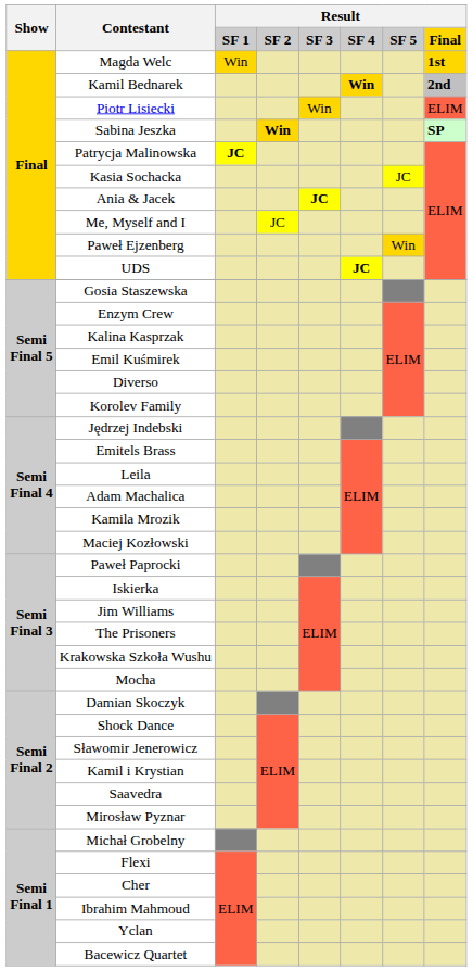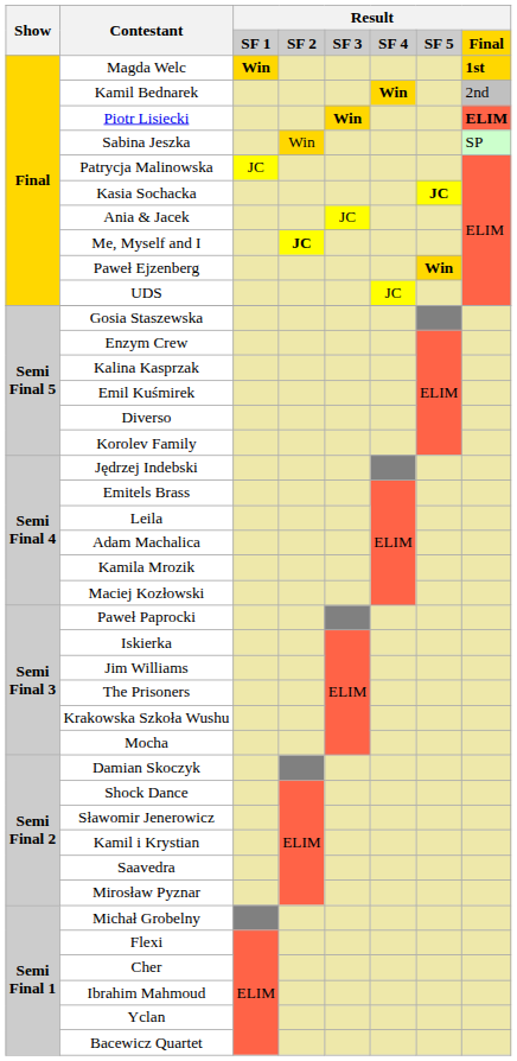 <table class="wikitable" style="margin:0.5em auto">
 <tr>
 <th rowspan=2>Show</th>
 <th rowspan=2>Contestant</th>
 <th colspan=6 align="center">Result</th>
 </tr>
 <tr>
 <td style="text-align:center;background:#CCCCCC"><strong>SF 1</strong></td>
 <td style="text-align:center;background:#CCCCCC"><strong>SF 2</strong></td>
 <td style="text-align:center;background:#CCCCCC"><strong>SF 3</strong></td>
 <td style="text-align:center;background:#CCCCCC"><strong>SF 4</strong></td>
 <td style="text-align:center;background:#CCCCCC"><strong>SF 5</strong></td>
 <td style="text-align:center;background:gold"><strong>Final</strong></td>
 </tr>
 <tr>
 <td style="text-align:center;background:gold" rowspan=10><strong>Final</strong></td>
 <td style="text-align:center;background:white">Magda Welc</td>
-<td style="text-align:center;background:gold">Win</td>
+<td style="text-align:center;background:gold"><strong>Win</strong></td>
 <td bgcolor="palegoldenrod"></td>
 <td bgcolor="palegoldenrod"></td>
 <td bgcolor="palegoldenrod"></td>
 <td bgcolor="palegoldenrod"></td>
 <td bgcolor="gold"><strong>1st</strong></td>
 </tr>
 <tr>
 <td style="text-align:center;background:white">Kamil Bednarek</td>
 <td bgcolor="palegoldenrod"></td>
 <td bgcolor="palegoldenrod"></td>
 <td bgcolor="palegoldenrod"></td>
 <td style="text-align:center;background:gold"><strong>Win</strong></td>
 <td bgcolor="palegoldenrod"></td>
-<td bgcolor="silver"><strong>2nd</strong></td>
+<td bgcolor="silver">2nd</td>
 </tr>
 <tr>
 <td style="text-align:center;background:white"><a href='#'>Piotr Lisiecki</a></td>
 <td bgcolor="palegoldenrod"></td>
 <td bgcolor="palegoldenrod"></td>
-<td style="text-align:center;background:gold">Win</td>
+<td style="text-align:center;background:gold"><strong>Win</strong></td>
 <td bgcolor="palegoldenrod"></td>
 <td bgcolor="palegoldenrod"></td>
-<td bgcolor="tomato">ELIM</td>
+<td bgcolor="tomato"><strong>ELIM</strong></td>
 </tr>
 <tr>
 <td style="text-align:center;background:white">Sabina Jeszka</td>
 <td bgcolor="palegoldenrod"></td>
-<td style="text-align:center;background:gold"><strong>Win</strong></td>
+<td style="text-align:center;background:gold">Win</td>
 <td bgcolor="palegoldenrod"></td>
 <td bgcolor="palegoldenrod"></td>
 <td bgcolor="palegoldenrod"></td>
-<td bgcolor="#CFC"><strong>SP</strong></td>
+<td bgcolor="#CFC">SP</td>
 </tr>
 <tr>
 <td style="text-align:center;background:white">Patrycja Malinowska</td>
-<td style="text-align:center;background:yellow"><strong>JC</strong></td>
+<td style="text-align:center;background:yellow">JC</td>
 <td bgcolor="palegoldenrod"></td>
 <td bgcolor="palegoldenrod"></td>
 <td bgcolor="palegoldenrod"></td>
 <td bgcolor="palegoldenrod"></td>
 <td bgcolor="tomato" rowspan=6>ELIM</td>
 </tr>
 <tr>
 <td style="text-align:center;background:white">Kasia Sochacka</td>
 <td bgcolor="palegoldenrod"></td>
 <td bgcolor="palegoldenrod"></td>
 <td bgcolor="palegoldenrod"></td>
 <td bgcolor="palegoldenrod"></td>
-<td style="text-align:center;background:yellow">JC</td>
+<td style="text-align:center;background:yellow"><strong>JC</strong></td>
 </tr>
 <tr>
 <td style="text-align:center;background:white">Ania & Jacek</td>
 <td bgcolor="palegoldenrod"></td>
 <td bgcolor="palegoldenrod"></td>
-<td style="text-align:center;background:yellow"><strong>JC</strong></td>
+<td style="text-align:center;background:yellow">JC</td>
 <td bgcolor="palegoldenrod"></td>
 <td bgcolor="palegoldenrod"></td>
 </tr>
 <tr>
 <td style="text-align:center;background:white">Me, Myself and I</td>
 <td bgcolor="palegoldenrod"></td>
-<td style="text-align:center;background:yellow">JC</td>
+<td style="text-align:center;background:yellow"><strong>JC</strong></td>
 <td bgcolor="palegoldenrod"></td>
 <td bgcolor="palegoldenrod"></td>
 <td bgcolor="palegoldenrod"></td>
 </tr>
 <tr>
 <td style="text-align:center;background:white">Paweł Ejzenberg</td>
 <td bgcolor="palegoldenrod"></td>
 <td bgcolor="palegoldenrod"></td>
 <td bgcolor="palegoldenrod"></td>
 <td bgcolor="palegoldenrod"></td>
-<td style="text-align:center;background:gold">Win</td>
+<td style="text-align:center;background:gold"><strong>Win</strong></td>
 </tr>
 <tr>
 <td style="text-align:center;background:white">UDS</td>
 <td bgcolor="palegoldenrod"></td>
 <td bgcolor="palegoldenrod"></td>
 <td bgcolor="palegoldenrod"></td>
-<td style="text-align:center;background:yellow"><strong>JC</strong></td>
+<td style="text-align:center;background:yellow">JC</td>
 <td bgcolor="palegoldenrod"></td>
 </tr>
 <tr>
 <td style="text-align:center;background:#CCCCCC" rowspan=7><strong>Semi<br>Final 5</strong></td>
 </tr>
 <tr>
 <td style="text-align:center;background:white">Gosia Staszewska</td>
 <td bgcolor="palegoldenrod"></td>
 <td bgcolor="palegoldenrod"></td>
 <td bgcolor="palegoldenrod"></td>
 <td bgcolor="palegoldenrod"></td>
 <td style="background:grey;color:white;"></td>
 <td bgcolor="palegoldenrod"></td>
 </tr>
 <tr>
 <td style="text-align:center;background:white">Enzym Crew</td>
 <td bgcolor="palegoldenrod"></td>
 <td bgcolor="palegoldenrod"></td>
 <td bgcolor="palegoldenrod"></td>
 <td bgcolor="palegoldenrod"></td>
 <td bgcolor="tomato" rowspan=5>ELIM</td>
 <td bgcolor="palegoldenrod"></td>
 </tr>
 <tr>
 <td style="text-align:center;background:white">Kalina Kasprzak</td>
 <td bgcolor="palegoldenrod"></td>
 <td bgcolor="palegoldenrod"></td>
 <td bgcolor="palegoldenrod"></td>
 <td bgcolor="palegoldenrod"></td>
 <td bgcolor="palegoldenrod"></td>
 </tr>
 <tr>
 <td style="text-align:center;background:white">Emil Kuśmirek</td>
 <td bgcolor="palegoldenrod"></td>
 <td bgcolor="palegoldenrod"></td>
 <td bgcolor="palegoldenrod"></td>
 <td bgcolor="palegoldenrod"></td>
 <td bgcolor="palegoldenrod"></td>
 </tr>
 <tr>
 <td style="text-align:center;background:white">Diverso</td>
 <td bgcolor="palegoldenrod"></td>
 <td bgcolor="palegoldenrod"></td>
 <td bgcolor="palegoldenrod"></td>
 <td bgcolor="palegoldenrod"></td>
 <td bgcolor="palegoldenrod"></td>
 </tr>
 <tr>
 <td style="text-align:center;background:white">Korolev Family</td>
 <td bgcolor="palegoldenrod"></td>
 <td bgcolor="palegoldenrod"></td>
 <td bgcolor="palegoldenrod"></td>
 <td bgcolor="palegoldenrod"></td>
 <td bgcolor="palegoldenrod"></td>
 </tr>
 <tr>
 <td style="text-align:center;background:#CCCCCC" rowspan=6><strong>Semi<br>Final 4</strong></td>
 <td style="text-align:center;background:white">Jędrzej Indebski</td>
 <td bgcolor="palegoldenrod"></td>
 <td bgcolor="palegoldenrod"></td>
 <td bgcolor="palegoldenrod"></td>
 <td style="background:grey;color:white;"></td>
 <td bgcolor="palegoldenrod"></td>
 <td bgcolor="palegoldenrod"></td>
 </tr>
 <tr>
 <td style="text-align:center;background:white">Emitels Brass</td>
 <td bgcolor="palegoldenrod"></td>
 <td bgcolor="palegoldenrod"></td>
 <td bgcolor="palegoldenrod"></td>
 <td bgcolor="tomato" rowspan=5>ELIM</td>
 <td bgcolor="palegoldenrod"></td>
 <td bgcolor="palegoldenrod"></td>
 </tr>
 <tr>
 <td style="text-align:center;background:white">Leila</td>
 <td bgcolor="palegoldenrod"></td>
 <td bgcolor="palegoldenrod"></td>
 <td bgcolor="palegoldenrod"></td>
 <td bgcolor="palegoldenrod"></td>
 <td bgcolor="palegoldenrod"></td>
 </tr>
 <tr>
 <td style="text-align:center;background:white">Adam Machalica</td>
 <td bgcolor="palegoldenrod"></td>
 <td bgcolor="palegoldenrod"></td>
 <td bgcolor="palegoldenrod"></td>
 <td bgcolor="palegoldenrod"></td>
 <td bgcolor="palegoldenrod"></td>
 </tr>
 <tr>
 <td style="text-align:center;background:white">Kamila Mrozik</td>
 <td bgcolor="palegoldenrod"></td>
 <td bgcolor="palegoldenrod"></td>
 <td bgcolor="palegoldenrod"></td>
 <td bgcolor="palegoldenrod"></td>
 <td bgcolor="palegoldenrod"></td>
 </tr>
 <tr>
 <td style="text-align:center;background:white">Maciej Kozłowski</td>
 <td bgcolor="palegoldenrod"></td>
 <td bgcolor="palegoldenrod"></td>
 <td bgcolor="palegoldenrod"></td>
 <td bgcolor="palegoldenrod"></td>
 <td bgcolor="palegoldenrod"></td>
 </tr>
 <tr>
 <td style="text-align:center;background:#CCCCCC" rowspan=6><strong>Semi<br>Final 3</strong></td>
 <td style="text-align:center;background:white">Paweł Paprocki</td>
 <td bgcolor="palegoldenrod"></td>
 <td bgcolor="palegoldenrod"></td>
 <td style="background:grey;color:white;"></td>
 <td bgcolor="palegoldenrod"></td>
 <td bgcolor="palegoldenrod"></td>
 <td bgcolor="palegoldenrod"></td>
 </tr>
 <tr>
 <td style="text-align:center;background:white">Iskierka</td>
 <td bgcolor="palegoldenrod"></td>
 <td bgcolor="palegoldenrod"></td>
 <td bgcolor="tomato" rowspan=5>ELIM</td>
 <td bgcolor="palegoldenrod"></td>
 <td bgcolor="palegoldenrod"></td>
 <td bgcolor="palegoldenrod"></td>
 </tr>
 <tr>
 <td style="text-align:center;background:white">Jim Williams</td>
 <td bgcolor="palegoldenrod"></td>
 <td bgcolor="palegoldenrod"></td>
 <td bgcolor="palegoldenrod"></td>
 <td bgcolor="palegoldenrod"></td>
 <td bgcolor="palegoldenrod"></td>
 </tr>
 <tr>
 <td style="text-align:center;background:white">The Prisoners</td>
 <td bgcolor="palegoldenrod"></td>
 <td bgcolor="palegoldenrod"></td>
 <td bgcolor="palegoldenrod"></td>
 <td bgcolor="palegoldenrod"></td>
 <td bgcolor="palegoldenrod"></td>
 </tr>
 <tr>
 <td style="text-align:center;background:white">Krakowska Szkoła Wushu</td>
 <td bgcolor="palegoldenrod"></td>
 <td bgcolor="palegoldenrod"></td>
 <td bgcolor="palegoldenrod"></td>
 <td bgcolor="palegoldenrod"></td>
 <td bgcolor="palegoldenrod"></td>
 </tr>
 <tr>
 <td style="text-align:center;background:white">Mocha</td>
 <td bgcolor="palegoldenrod"></td>
 <td bgcolor="palegoldenrod"></td>
 <td bgcolor="palegoldenrod"></td>
 <td bgcolor="palegoldenrod"></td>
 <td bgcolor="palegoldenrod"></td>
 </tr>
 <tr>
 <td style="text-align:center;background:#CCCCCC" rowspan=6><strong>Semi<br>Final 2</strong></td>
 <td style="text-align:center;background:white">Damian Skoczyk</td>
 <td bgcolor="palegoldenrod"></td>
 <td style="background:grey;color:white;"></td>
 <td bgcolor="palegoldenrod"></td>
 <td bgcolor="palegoldenrod"></td>
 <td bgcolor="palegoldenrod"></td>
 <td bgcolor="palegoldenrod"></td>
 </tr>
 <tr>
 <td style="text-align:center;background:white">Shock Dance</td>
 <td bgcolor="palegoldenrod"></td>
 <td bgcolor="tomato" rowspan=5>ELIM</td>
 <td bgcolor="palegoldenrod"></td>
 <td bgcolor="palegoldenrod"></td>
 <td bgcolor="palegoldenrod"></td>
 <td bgcolor="palegoldenrod"></td>
 </tr>
 <tr>
 <td style="text-align:center;background:white">Sławomir Jenerowicz</td>
 <td bgcolor="palegoldenrod"></td>
 <td bgcolor="palegoldenrod"></td>
 <td bgcolor="palegoldenrod"></td>
 <td bgcolor="palegoldenrod"></td>
 <td bgcolor="palegoldenrod"></td>
 </tr>
 <tr>
 <td style="text-align:center;background:white">Kamil i Krystian</td>
 <td bgcolor="palegoldenrod"></td>
 <td bgcolor="palegoldenrod"></td>
 <td bgcolor="palegoldenrod"></td>
 <td bgcolor="palegoldenrod"></td>
 <td bgcolor="palegoldenrod"></td>
 </tr>
 <tr>
 <td style="text-align:center;background:white">Saavedra</td>
 <td bgcolor="palegoldenrod"></td>
 <td bgcolor="palegoldenrod"></td>
 <td bgcolor="palegoldenrod"></td>
 <td bgcolor="palegoldenrod"></td>
 <td bgcolor="palegoldenrod"></td>
 </tr>
 <tr>
 <td style="text-align:center;background:white">Mirosław Pyznar</td>
 <td bgcolor="palegoldenrod"></td>
 <td bgcolor="palegoldenrod"></td>
 <td bgcolor="palegoldenrod"></td>
 <td bgcolor="palegoldenrod"></td>
 <td bgcolor="palegoldenrod"></td>
 </tr>
 <tr>
 <td style="text-align:center;background:#CCCCCC" rowspan=6><strong>Semi<br>Final 1</strong></td>
 <td style="text-align:center;background:white">Michał Grobelny</td>
 <td style="background:grey;color:white;"></td>
 <td bgcolor="palegoldenrod"></td>
 <td bgcolor="palegoldenrod"></td>
 <td bgcolor="palegoldenrod"></td>
 <td bgcolor="palegoldenrod"></td>
 <td bgcolor="palegoldenrod"></td>
 </tr>
 <tr>
 <td style="text-align:center;background:white">Flexi</td>
 <td bgcolor="tomato" rowspan=5>ELIM</td>
 <td bgcolor="palegoldenrod"></td>
 <td bgcolor="palegoldenrod"></td>
 <td bgcolor="palegoldenrod"></td>
 <td bgcolor="palegoldenrod"></td>
 <td bgcolor="palegoldenrod"></td>
 </tr>
 <tr>
 <td style="text-align:center;background:white">Cher</td>
 <td bgcolor="palegoldenrod"></td>
 <td bgcolor="palegoldenrod"></td>
 <td bgcolor="palegoldenrod"></td>
 <td bgcolor="palegoldenrod"></td>
 <td bgcolor="palegoldenrod"></td>
 </tr>
 <tr>
 <td style="text-align:center;background:white">Ibrahim Mahmoud</td>
 <td bgcolor="palegoldenrod"></td>
 <td bgcolor="palegoldenrod"></td>
 <td bgcolor="palegoldenrod"></td>
 <td bgcolor="palegoldenrod"></td>
 <td bgcolor="palegoldenrod"></td>
 </tr>
 <tr>
 <td style="text-align:center;background:white">Yclan</td>
 <td bgcolor="palegoldenrod"></td>
 <td bgcolor="palegoldenrod"></td>
 <td bgcolor="palegoldenrod"></td>
 <td bgcolor="palegoldenrod"></td>
 <td bgcolor="palegoldenrod"></td>
 </tr>
 <tr>
 <td style="text-align:center;background:white">Bacewicz Quartet</td>
 <td bgcolor="palegoldenrod"></td>
 <td bgcolor="palegoldenrod"></td>
 <td bgcolor="palegoldenrod"></td>
 <td bgcolor="palegoldenrod"></td>
 <td bgcolor="palegoldenrod"></td>
 </tr>
 </table>
